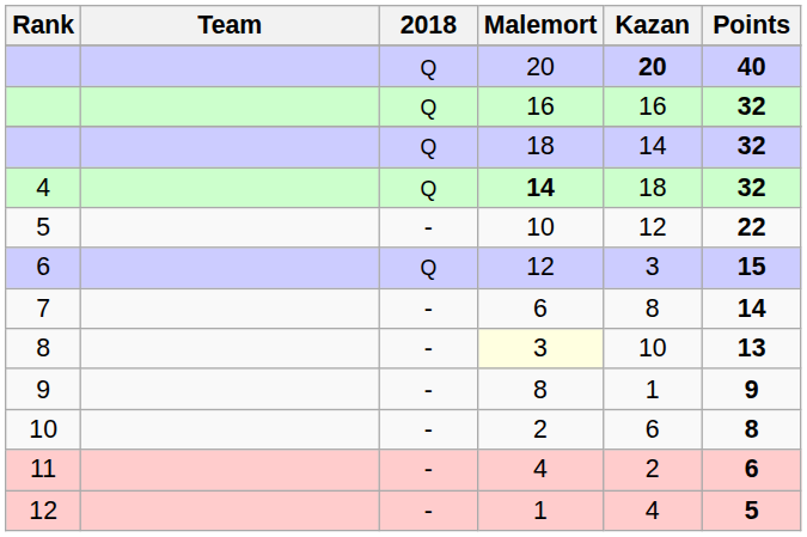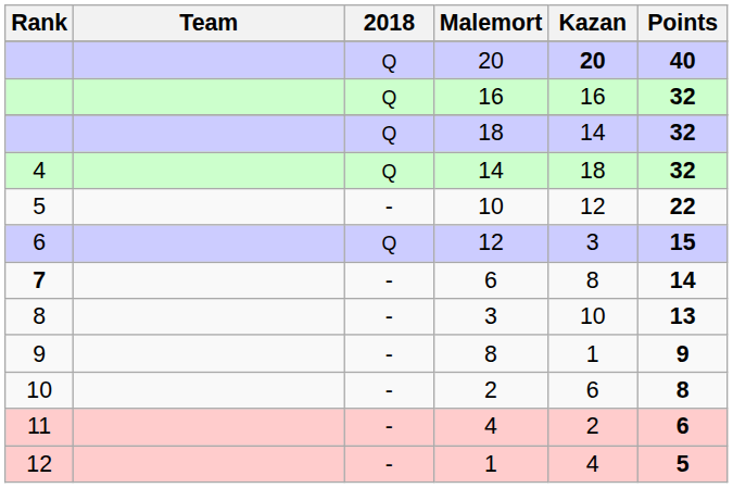 <table class="wikitable" style="text-align: center;">
 <tr>
 <th width=40>Rank</th>
 <th width=180>Team</th>
 <th width=55>2018 </th>
 <th width=55>Malemort</th>
 <th width=55>Kazan</th>
 <th width=55>Points</th>
 </tr>
 <tr>
 </tr>
 <tr bgcolor=ccccff>
 <td></td>
 <td align=left></td>
 <td><small>Q</small></td>
 <td>20</td>
 <td><strong>20</strong></td>
 <td><strong>40</strong></td>
 </tr>
 <tr bgcolor=ccffcc>
 <td></td>
 <td align=left></td>
 <td><small>Q</small></td>
 <td>16</td>
 <td>16</td>
 <td><strong>32</strong></td>
 </tr>
 <tr>
 </tr>
 <tr bgcolor=ccccff>
 <td></td>
 <td align=left></td>
 <td><small>Q</small></td>
 <td>18</td>
 <td>14</td>
 <td><strong>32</strong></td>
 </tr>
 <tr bgcolor=ccffcc>
 <td>4</td>
 <td align=left></td>
 <td><small>Q</small></td>
-<td><strong>14</strong></td>
+<td>14</td>
 <td>18</td>
 <td><strong>32</strong></td>
 </tr>
 <tr>
 <td>5</td>
 <td align=left></td>
 <td>-</td>
 <td>10</td>
 <td>12</td>
 <td><strong>22</strong></td>
 </tr>
 <tr bgcolor=ccccff>
 <td>6</td>
 <td align=left></td>
 <td><small>Q</small></td>
 <td>12</td>
 <td>3</td>
 <td><strong>15</strong></td>
 </tr>
 <tr>
-<td>7</td>
+<td><strong>7</strong></td>
 <td align=left></td>
 <td>-</td>
 <td>6</td>
 <td>8</td>
 <td><strong>14</strong></td>
 </tr>
 <tr>
 <td>8</td>
 <td align=left></td>
 <td>-</td>
-<td style="background: lightyellow;">3</td>
+<td>3</td>
 <td>10</td>
 <td><strong>13</strong></td>
 </tr>
 <tr>
 <td>9</td>
 <td align=left></td>
 <td>-</td>
 <td>8</td>
 <td>1</td>
 <td><strong>9</strong></td>
 </tr>
 <tr>
 <td>10</td>
 <td align=left></td>
 <td>-</td>
 <td>2</td>
 <td>6</td>
 <td><strong>8</strong></td>
 </tr>
 <tr bgcolor=ffcccc>
 <td>11</td>
 <td align=left></td>
 <td>-</td>
 <td>4</td>
 <td>2</td>
 <td><strong>6</strong></td>
 </tr>
 <tr bgcolor=ffcccc>
 <td>12</td>
 <td align=left></td>
 <td>-</td>
 <td>1</td>
 <td>4</td>
 <td><strong>5</strong></td>
 </tr>
 </table>
